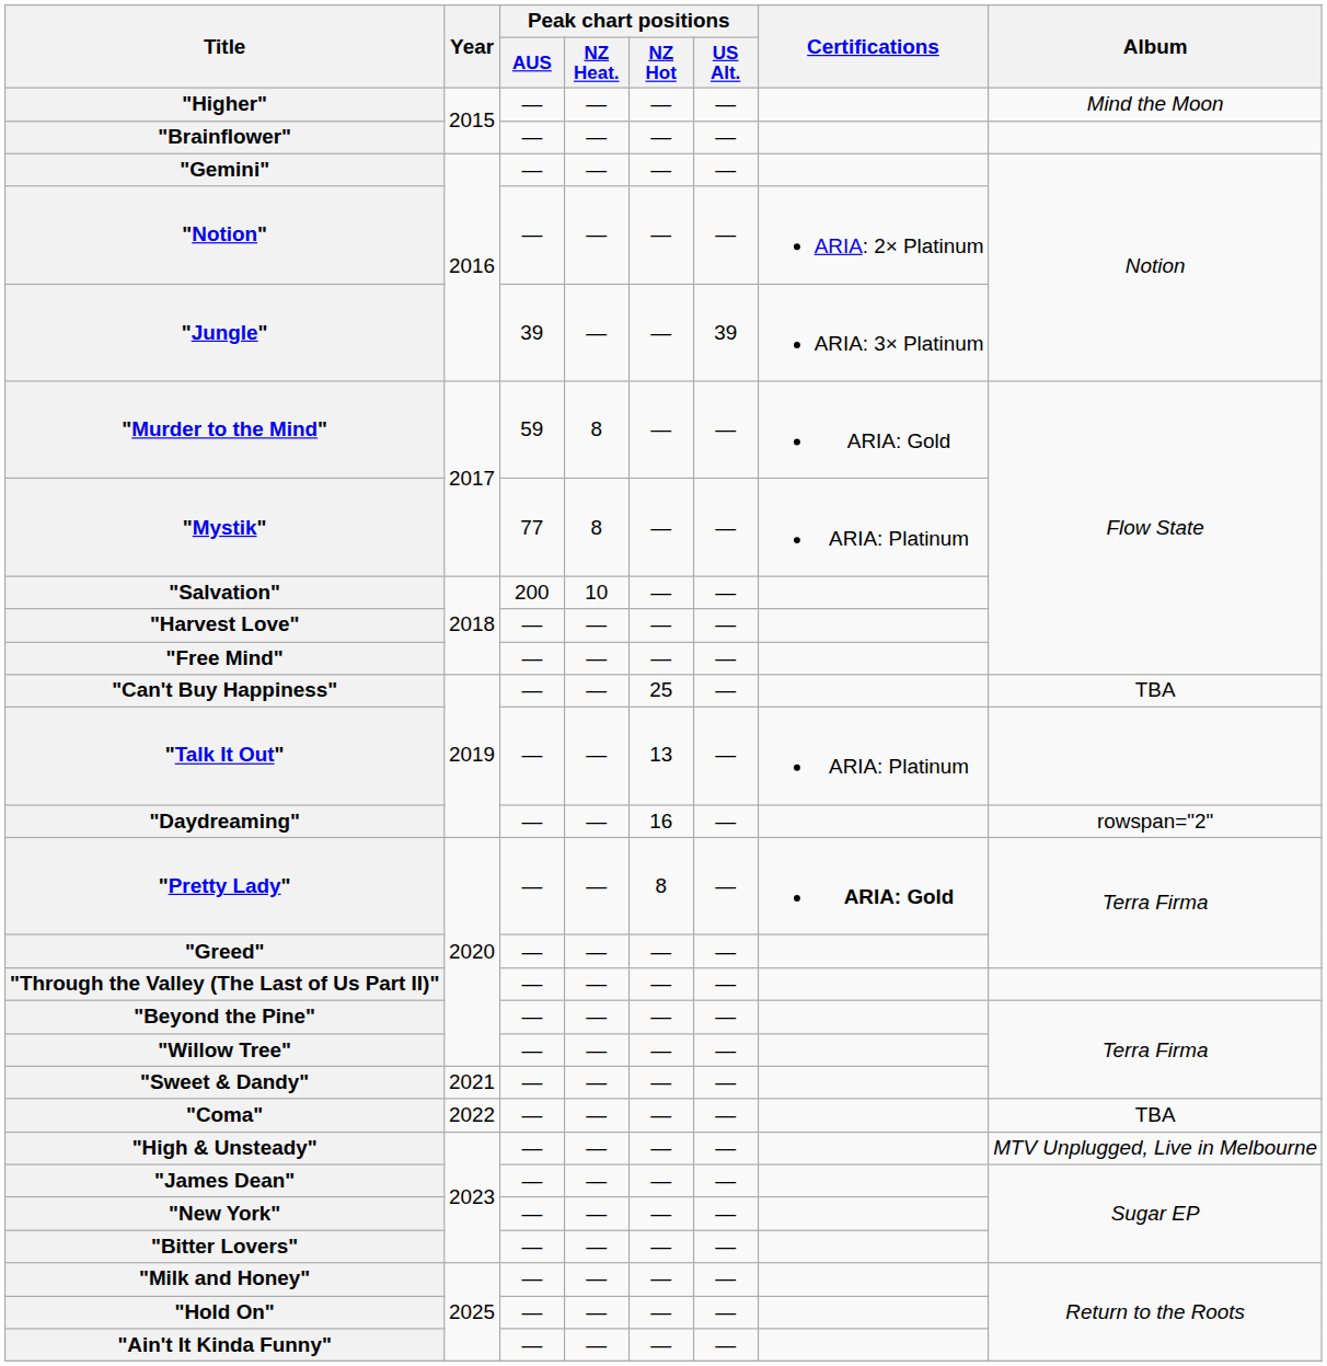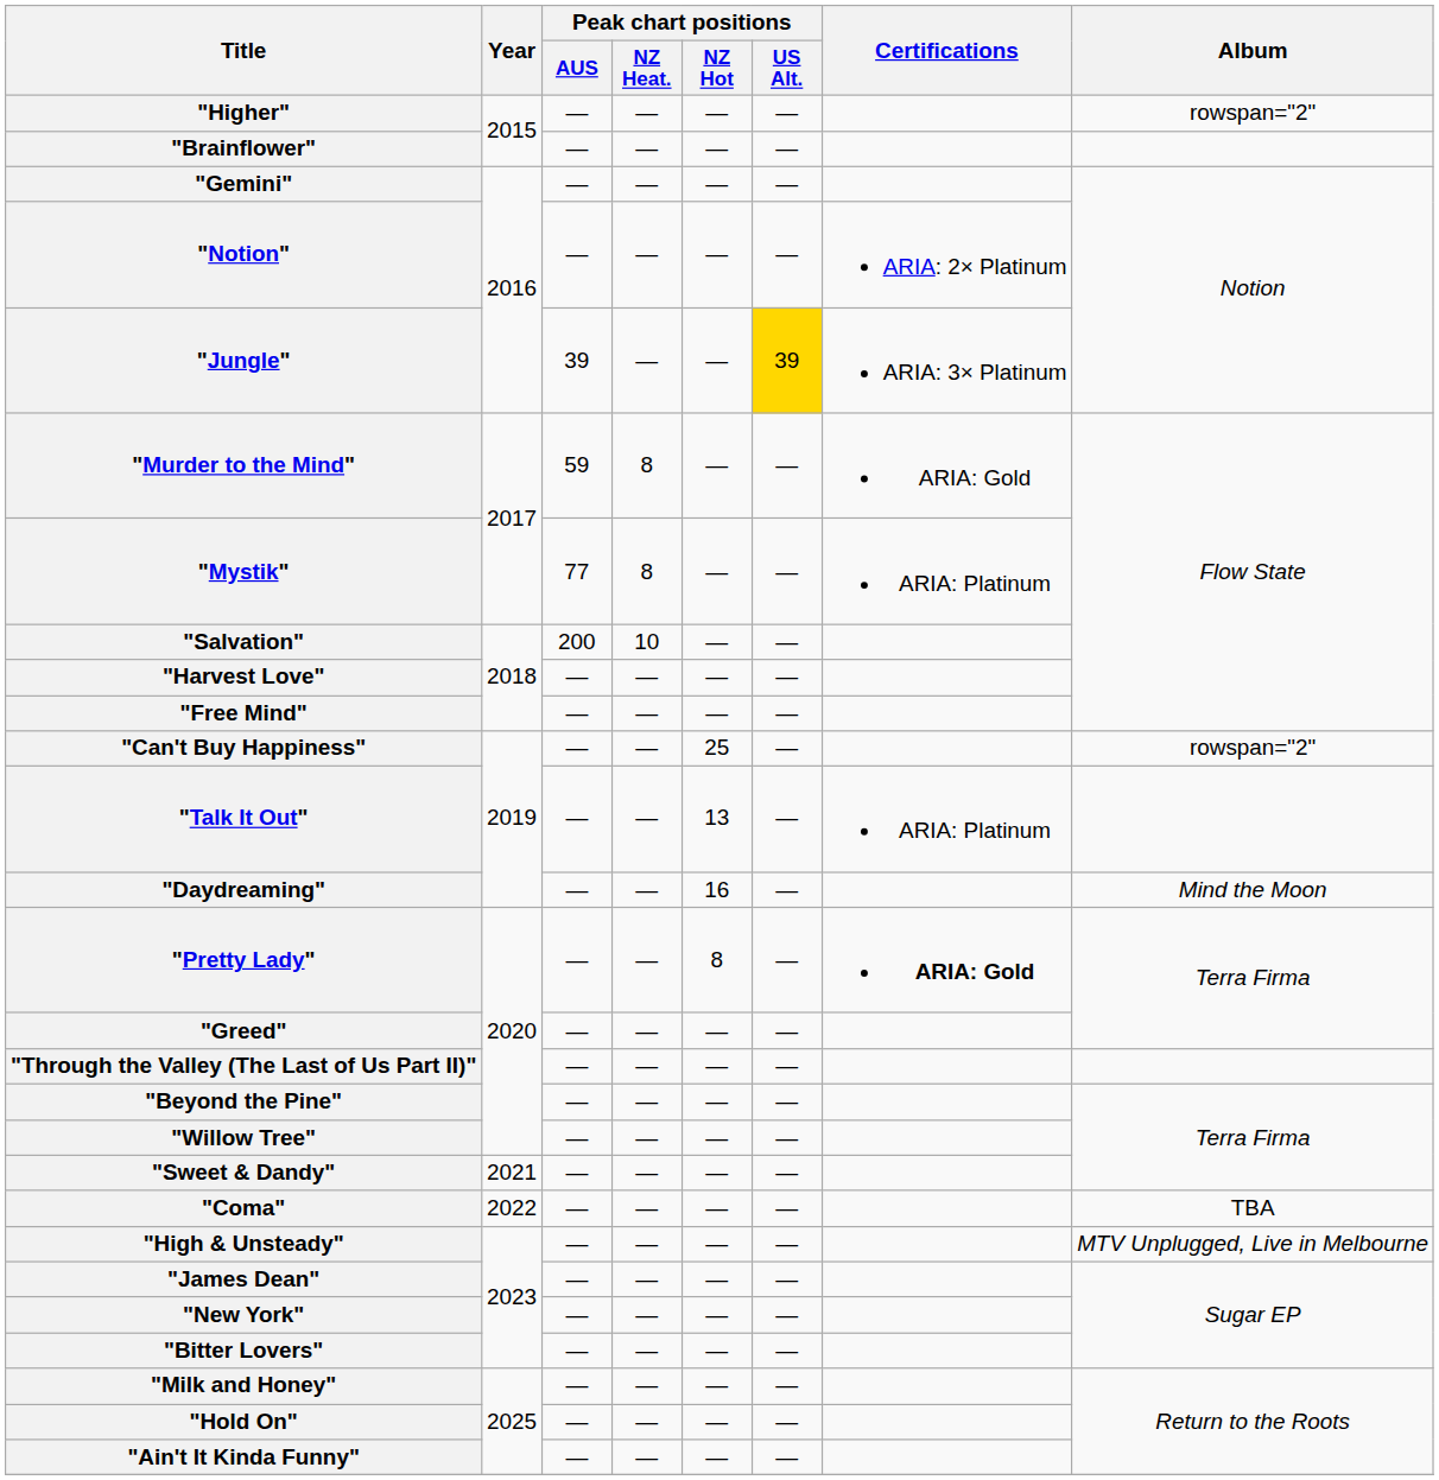 <table class="wikitable plainrowheaders" style="text-align:center;">
 <tr>
 <th scope="col" rowspan="2">Title</th>
 <th scope="col" rowspan="2">Year</th>
 <th scope="col" colspan="4">Peak chart positions</th>
 <th scope="col" rowspan="2"><a href='#'>Certifications</a></th>
 <th scope="col" rowspan="2">Album</th>
 </tr>
 <tr>
 <th scope="col" style="width:3em;font-size:90%;"><a href='#'>AUS</a><br></th>
 <th scope="col" style="width:3em;font-size:90%;"><a href='#'>NZ<br>Heat.</a><br></th>
 <th scope="col" style="width:3em;font-size:90%;"><a href='#'>NZ<br>Hot</a><br></th>
 <th scope="col" style="width:3em;font-size:90%;"><a href='#'>US<br>Alt.</a><br></th>
 </tr>
 <tr>
 <th scope="row">"Higher"</th>
 <td rowspan="2">2015</td>
 <td>—</td>
 <td>—</td>
 <td>—</td>
 <td>—</td>
 <td></td>
-<td><em>Mind the Moon</em></td>
+<td>rowspan="2" </td>
 </tr>
 <tr>
 <th scope="row">"Brainflower"</th>
 <td>—</td>
 <td>—</td>
 <td>—</td>
 <td>—</td>
 <td></td>
 </tr>
 <tr>
 <th scope="row">"Gemini"</th>
 <td rowspan="3">2016</td>
 <td>—</td>
 <td>—</td>
 <td>—</td>
 <td>—</td>
 <td></td>
 <td rowspan="3"><em>Notion</em></td>
 </tr>
 <tr>
 <th scope="row">"<a href='#'>Notion</a>"</th>
 <td>—</td>
 <td>—</td>
 <td>—</td>
 <td>—</td>
 <td><br><ul><li><a href='#'>ARIA</a>: 2× Platinum</li></ul></td>
 </tr>
 <tr>
 <th scope="row">"<a href='#'>Jungle</a>"</th>
 <td>39</td>
 <td>—</td>
 <td>—</td>
-<td>39</td>
+<td style="background: gold;">39</td>
 <td><br><ul><li>ARIA: 3× Platinum</li></ul></td>
 </tr>
 <tr>
 <th scope="row">"<a href='#'>Murder to the Mind</a>"</th>
 <td rowspan="2">2017</td>
 <td>59</td>
 <td>8</td>
 <td>—</td>
 <td>—</td>
 <td><br><ul><li>ARIA: Gold</li></ul></td>
 <td rowspan="5"><em>Flow State</em></td>
 </tr>
 <tr>
 <th scope="row">"<a href='#'>Mystik</a>"</th>
 <td>77</td>
 <td>8</td>
 <td>—</td>
 <td>—</td>
 <td><br><ul><li>ARIA: Platinum</li></ul></td>
 </tr>
 <tr>
 <th scope="row">"Salvation"</th>
 <td rowspan="3">2018</td>
 <td>200</td>
 <td>10</td>
 <td>—</td>
 <td>—</td>
 <td></td>
 </tr>
 <tr>
 <th scope="row">"Harvest Love"</th>
 <td>—</td>
 <td>—</td>
 <td>—</td>
 <td>—</td>
 <td></td>
 </tr>
 <tr>
 <th scope="row">"Free Mind"</th>
 <td>—</td>
 <td>—</td>
 <td>—</td>
 <td>—</td>
 <td></td>
 </tr>
 <tr>
 <th scope="row">"Can't Buy Happiness"</th>
 <td rowspan="3">2019</td>
 <td>—</td>
 <td>—</td>
 <td>25</td>
 <td>—</td>
 <td></td>
-<td>TBA</td>
+<td>rowspan="2" </td>
 </tr>
 <tr>
 <th scope="row">"<a href='#'>Talk It Out</a>"<br></th>
 <td>—</td>
 <td>—</td>
 <td>13</td>
 <td>—</td>
 <td><br><ul><li>ARIA: Platinum</li></ul></td>
 </tr>
 <tr>
 <th scope="row">"Daydreaming"<br></th>
 <td>—</td>
 <td>—</td>
 <td>16</td>
 <td>—</td>
 <td></td>
-<td>rowspan="2" </td>
+<td><em>Mind the Moon</em></td>
 </tr>
 <tr>
 <th scope="row">"<a href='#'>Pretty Lady</a>"</th>
 <td rowspan="5">2020</td>
 <td>—</td>
 <td>—</td>
 <td>8</td>
 <td>—</td>
 <td><strong><br><ul><li>ARIA: Gold</li></ul></strong></td>
 <td rowspan="2"><em>Terra Firma</em></td>
 </tr>
 <tr>
 <th scope="row">"Greed"</th>
 <td>—</td>
 <td>—</td>
 <td>—</td>
 <td>—</td>
 <td></td>
 </tr>
 <tr>
 <th scope="row">"Through the Valley (The Last of Us Part II)"</th>
 <td>—</td>
 <td>—</td>
 <td>—</td>
 <td>—</td>
 <td></td>
 <td></td>
 </tr>
 <tr>
 <th scope="row">"Beyond the Pine"</th>
 <td>—</td>
 <td>—</td>
 <td>—</td>
 <td>—</td>
 <td></td>
 <td rowspan="3"><em>Terra Firma</em></td>
 </tr>
 <tr>
 <th scope="row">"Willow Tree"<br></th>
 <td>—</td>
 <td>—</td>
 <td>—</td>
 <td>—</td>
 <td></td>
 </tr>
 <tr>
 <th scope="row">"Sweet & Dandy"</th>
 <td>2021</td>
 <td>—</td>
 <td>—</td>
 <td>—</td>
 <td>—</td>
 <td></td>
 </tr>
 <tr>
 <th scope="row">"Coma"</th>
 <td>2022</td>
 <td>—</td>
 <td>—</td>
 <td>—</td>
 <td>—</td>
 <td></td>
 <td>TBA</td>
 </tr>
 <tr>
 <th scope="row">"High & Unsteady"<br></th>
 <td rowspan="4">2023</td>
 <td>—</td>
 <td>—</td>
 <td>—</td>
 <td>—</td>
 <td></td>
 <td><em>MTV Unplugged, Live in Melbourne</em></td>
 </tr>
 <tr>
 <th scope="row">"James Dean"</th>
 <td>—</td>
 <td>—</td>
 <td>—</td>
 <td>—</td>
 <td></td>
 <td rowspan="3"><em>Sugar EP</em></td>
 </tr>
 <tr>
 <th scope="row">"New York"</th>
 <td>—</td>
 <td>—</td>
 <td>—</td>
 <td>—</td>
 <td></td>
 </tr>
 <tr>
 <th scope="row">"Bitter Lovers"<br></th>
 <td>—</td>
 <td>—</td>
 <td>—</td>
 <td>—</td>
 <td></td>
 </tr>
 <tr>
 <th scope="row">"Milk and Honey"</th>
 <td rowspan="3">2025</td>
 <td>—</td>
 <td>—</td>
 <td>—</td>
 <td>—</td>
 <td></td>
 <td rowspan="3"><em>Return to the Roots</em></td>
 </tr>
 <tr>
 <th scope="row">"Hold On"</th>
 <td>—</td>
 <td>—</td>
 <td>—</td>
 <td>—</td>
 <td></td>
 </tr>
 <tr>
 <th scope="row">"Ain't It Kinda Funny"<br></th>
 <td>—</td>
 <td>—</td>
 <td>—</td>
 <td>—</td>
 <td></td>
 </tr>
 <tr>
 </tr>
 </table>
